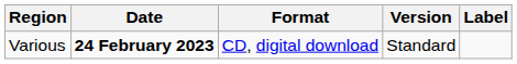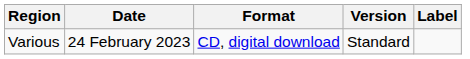 <table class="wikitable sortable">
 <tr>
 <th>Region</th>
 <th>Date</th>
 <th>Format</th>
 <th>Version</th>
 <th>Label</th>
 </tr>
 <tr>
 <td>Various</td>
-<td><strong>24 February 2023</strong></td>
+<td>24 February 2023</td>
 <td rowspan="2"><a href='#'>CD</a>, <a href='#'>digital download</a></td>
 <td>Standard</td>
 <td></td>
 </tr>
 </table>
